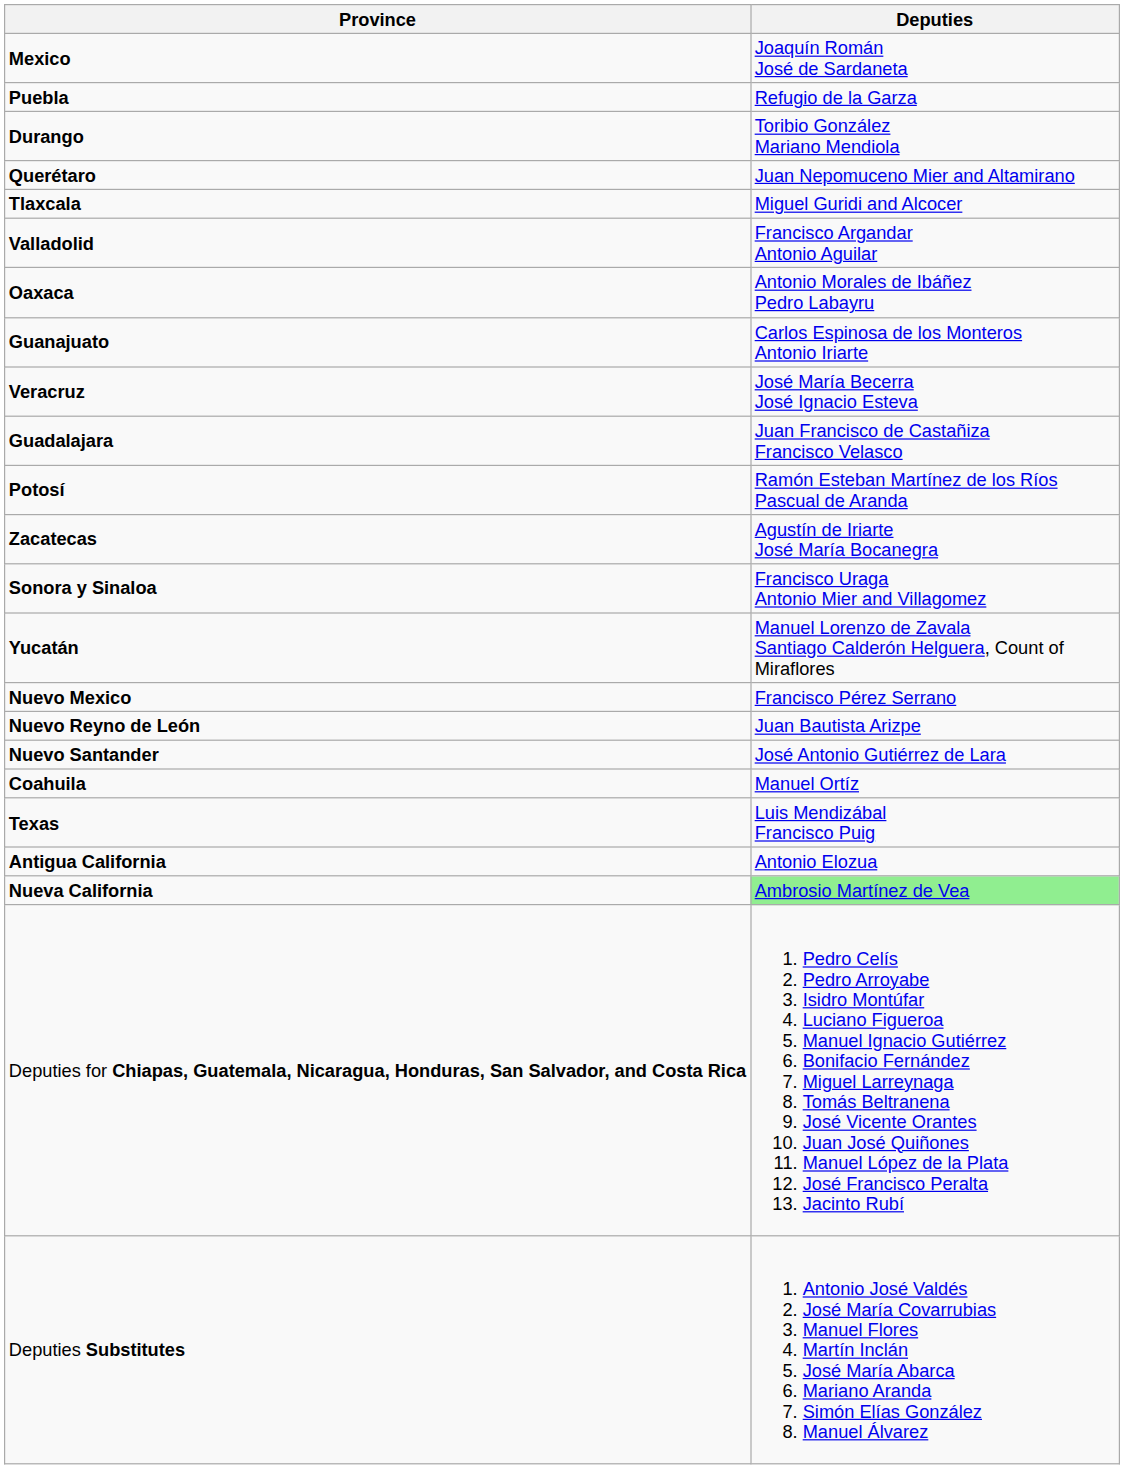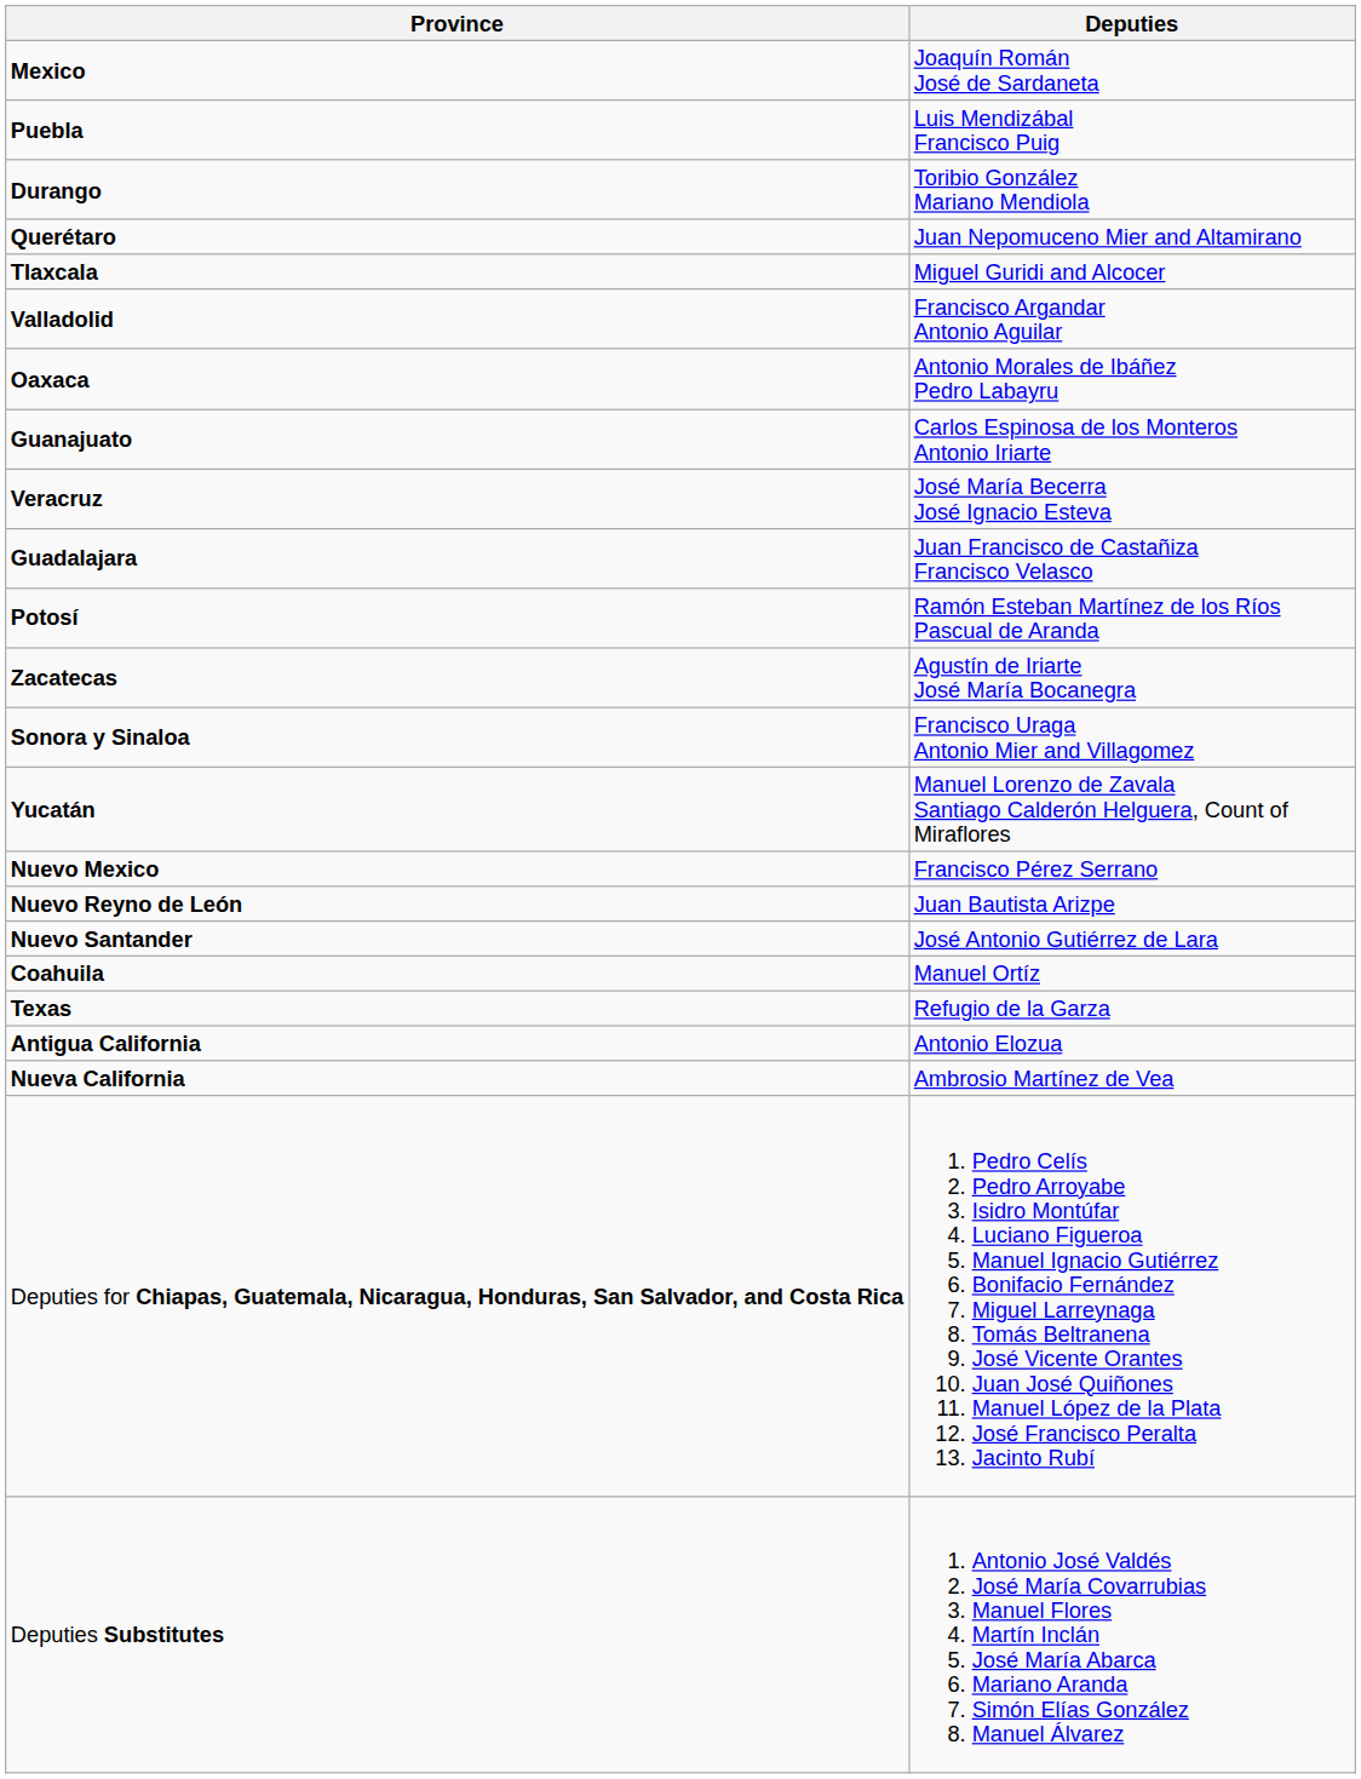 <table align=center class="wikitable sortable" style="font-size:95%; padding:0px;">
 <tr>
 <th><strong>Province</strong></th>
 <th width="300"><strong>Deputies</strong></th>
 </tr>
 <tr>
 <td><strong>Mexico</strong></td>
 <td><a href='#'>Joaquín Román</a> <br> <a href='#'> José de Sardaneta</a></td>
 </tr>
 <tr>
 <td><strong>Puebla</strong></td>
-<td><a href='#'>Refugio de la Garza</a></td>
+<td><a href='#'>Luis Mendizábal</a> <br> <a href='#'>Francisco Puig</a></td>
 </tr>
 <tr>
 <td><strong>Durango</strong></td>
 <td><a href='#'>Toribio González</a> <br> <a href='#'>Mariano Mendiola</a></td>
 </tr>
 <tr>
 <td><strong>Querétaro</strong></td>
 <td><a href='#'>Juan Nepomuceno Mier and Altamirano</a></td>
 </tr>
 <tr>
 <td><strong>Tlaxcala</strong></td>
 <td><a href='#'>Miguel Guridi and Alcocer</a></td>
 </tr>
 <tr>
 <td><strong>Valladolid</strong></td>
 <td><a href='#'>Francisco Argandar</a> <br> <a href='#'>Antonio Aguilar</a></td>
 </tr>
 <tr>
 <td><strong>Oaxaca</strong></td>
 <td><a href='#'>Antonio Morales de Ibáñez</a> <br> <a href='#'>Pedro Labayru</a></td>
 </tr>
 <tr>
 <td><strong>Guanajuato</strong></td>
 <td><a href='#'>Carlos Espinosa de los Monteros</a> <br> <a href='#'>Antonio Iriarte</a></td>
 </tr>
 <tr>
 <td><strong>Veracruz</strong></td>
 <td><a href='#'>José María Becerra</a> <br> <a href='#'>José Ignacio Esteva</a></td>
 </tr>
 <tr>
 <td><strong>Guadalajara</strong></td>
 <td><a href='#'> Juan Francisco de Castañiza</a> <br> <a href='#'>Francisco Velasco</a></td>
 </tr>
 <tr>
 <td><strong>Potosí</strong></td>
 <td><a href='#'>Ramón Esteban Martínez de los Ríos</a> <br> <a href='#'>Pascual de Aranda</a></td>
 </tr>
 <tr>
 <td><strong>Zacatecas</strong></td>
 <td><a href='#'>Agustín de Iriarte</a> <br> <a href='#'>José María Bocanegra</a></td>
 </tr>
 <tr>
 <td><strong>Sonora y Sinaloa</strong></td>
 <td><a href='#'>Francisco Uraga</a> <br> <a href='#'>Antonio Mier and Villagomez</a></td>
 </tr>
 <tr>
 <td><strong>Yucatán</strong></td>
 <td><a href='#'> Manuel Lorenzo de Zavala</a> <br> <a href='#'>Santiago Calderón Helguera</a>, Count of Miraflores</td>
 </tr>
 <tr>
 <td><strong>Nuevo Mexico</strong></td>
 <td><a href='#'>Francisco Pérez Serrano</a></td>
 </tr>
 <tr>
 <td><strong>Nuevo Reyno de León</strong></td>
 <td><a href='#'>Juan Bautista Arizpe</a></td>
 </tr>
 <tr>
 <td><strong>Nuevo Santander</strong></td>
 <td><a href='#'>José Antonio Gutiérrez de Lara</a></td>
 </tr>
 <tr>
 <td><strong>Coahuila</strong></td>
 <td><a href='#'>Manuel Ortíz</a></td>
 </tr>
 <tr>
 <td><strong>Texas</strong></td>
-<td><a href='#'>Luis Mendizábal</a> <br> <a href='#'>Francisco Puig</a></td>
+<td><a href='#'>Refugio de la Garza</a></td>
 </tr>
 <tr>
 <td><strong>Antigua California</strong></td>
 <td><a href='#'>Antonio Elozua</a></td>
 </tr>
 <tr>
 <td><strong>Nueva California</strong></td>
-<td style="background: lightgreen;"><a href='#'>Ambrosio Martínez de Vea</a></td>
+<td><a href='#'>Ambrosio Martínez de Vea</a></td>
 </tr>
 <tr>
 <td>Deputies for <strong>Chiapas, Guatemala, Nicaragua, Honduras, San Salvador, and Costa Rica</strong></td>
 <td><br><ol><li><a href='#'>Pedro Celís</a></li><li><a href='#'>Pedro Arroyabe</a></li><li><a href='#'>Isidro Montúfar</a></li><li><a href='#'>Luciano Figueroa</a></li><li><a href='#'>Manuel Ignacio Gutiérrez</a></li><li><a href='#'>Bonifacio Fernández</a></li><li><a href='#'>Miguel Larreynaga</a></li><li><a href='#'>Tomás Beltranena</a></li><li><a href='#'>José Vicente Orantes</a></li><li><a href='#'>Juan José Quiñones</a></li><li><a href='#'>Manuel López de la Plata</a></li><li><a href='#'>José Francisco Peralta</a></li><li><a href='#'>Jacinto Rubí</a></li></ol></td>
 </tr>
 <tr>
 <td>Deputies <strong>Substitutes</strong></td>
 <td><br><ol><li><a href='#'>Antonio José Valdés</a></li><li><a href='#'>José María Covarrubias</a></li><li><a href='#'>Manuel Flores</a></li><li><a href='#'>Martín Inclán</a></li><li><a href='#'>José María Abarca</a></li><li><a href='#'>Mariano Aranda</a></li><li><a href='#'>Simón Elías González</a></li><li><a href='#'>Manuel Álvarez</a></li></ol></td>
 </tr>
 </table>
